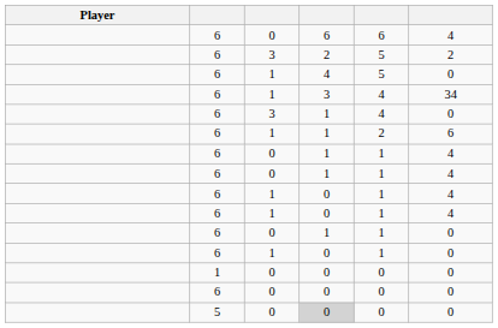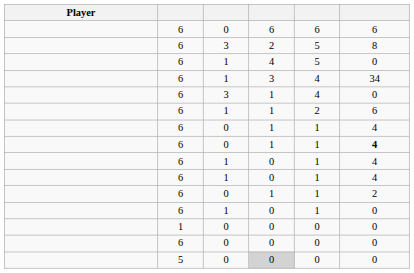 <table class="wikitable sortable" style="width:100%;">
 <tr align=center>
 <th>Player</th>
 <th></th>
 <th></th>
 <th></th>
 <th></th>
 <th></th>
 </tr>
 <tr align=center>
 <td></td>
 <td>6</td>
 <td>0</td>
 <td>6</td>
 <td>6</td>
-<td>4</td>
+<td>6</td>
 </tr>
 <tr align=center>
 <td></td>
 <td>6</td>
 <td>3</td>
 <td>2</td>
 <td>5</td>
-<td>2</td>
+<td>8</td>
 </tr>
 <tr align=center>
 <td></td>
 <td>6</td>
 <td>1</td>
 <td>4</td>
 <td>5</td>
 <td>0</td>
 </tr>
 <tr align=center>
 <td></td>
 <td>6</td>
 <td>1</td>
 <td>3</td>
 <td>4</td>
 <td>34</td>
 </tr>
 <tr align=center>
 <td></td>
 <td>6</td>
 <td>3</td>
 <td>1</td>
 <td>4</td>
 <td>0</td>
 </tr>
 <tr align=center>
 <td></td>
 <td>6</td>
 <td>1</td>
 <td>1</td>
 <td>2</td>
 <td>6</td>
 </tr>
 <tr align=center>
 <td></td>
 <td>6</td>
 <td>0</td>
 <td>1</td>
 <td>1</td>
 <td>4</td>
 </tr>
 <tr align=center>
 <td></td>
 <td>6</td>
 <td>0</td>
 <td>1</td>
 <td>1</td>
-<td>4</td>
+<td><strong>4</strong></td>
 </tr>
 <tr align=center>
 <td></td>
 <td>6</td>
 <td>1</td>
 <td>0</td>
 <td>1</td>
 <td>4</td>
 </tr>
 <tr align=center>
 <td></td>
 <td>6</td>
 <td>1</td>
 <td>0</td>
 <td>1</td>
 <td>4</td>
 </tr>
 <tr align=center>
 <td></td>
 <td>6</td>
 <td>0</td>
 <td>1</td>
 <td>1</td>
-<td>0</td>
+<td>2</td>
 </tr>
 <tr align=center>
 <td></td>
 <td>6</td>
 <td>1</td>
 <td>0</td>
 <td>1</td>
 <td>0</td>
 </tr>
 <tr align=center>
 <td></td>
 <td>1</td>
 <td>0</td>
 <td>0</td>
 <td>0</td>
 <td>0</td>
 </tr>
 <tr align=center>
 <td></td>
 <td>6</td>
 <td>0</td>
 <td>0</td>
 <td>0</td>
 <td>0</td>
 </tr>
 <tr align=center>
 <td></td>
 <td>5</td>
 <td>0</td>
 <td style="background: lightgrey;">0</td>
 <td>0</td>
 <td>0</td>
 </tr>
 </table>
